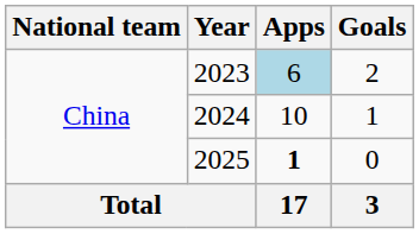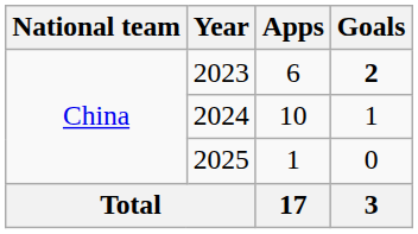 <table class="wikitable" style="text-align:center">
 <tr>
 <th>National team</th>
 <th>Year</th>
 <th>Apps</th>
 <th>Goals</th>
 </tr>
 <tr>
 <td rowspan="3"><a href='#'>China</a></td>
 <td>2023</td>
-<td style="background: lightblue;">6</td>
-<td>2</td>
+<td>6</td>
+<td><strong>2</strong></td>
 </tr>
 <tr>
 <td>2024</td>
 <td>10</td>
 <td>1</td>
 </tr>
 <tr>
 <td>2025</td>
-<td><strong>1</strong></td>
+<td>1</td>
 <td>0</td>
 </tr>
 <tr>
 <th colspan="2">Total</th>
 <th>17</th>
 <th>3</th>
 </tr>
 </table>
